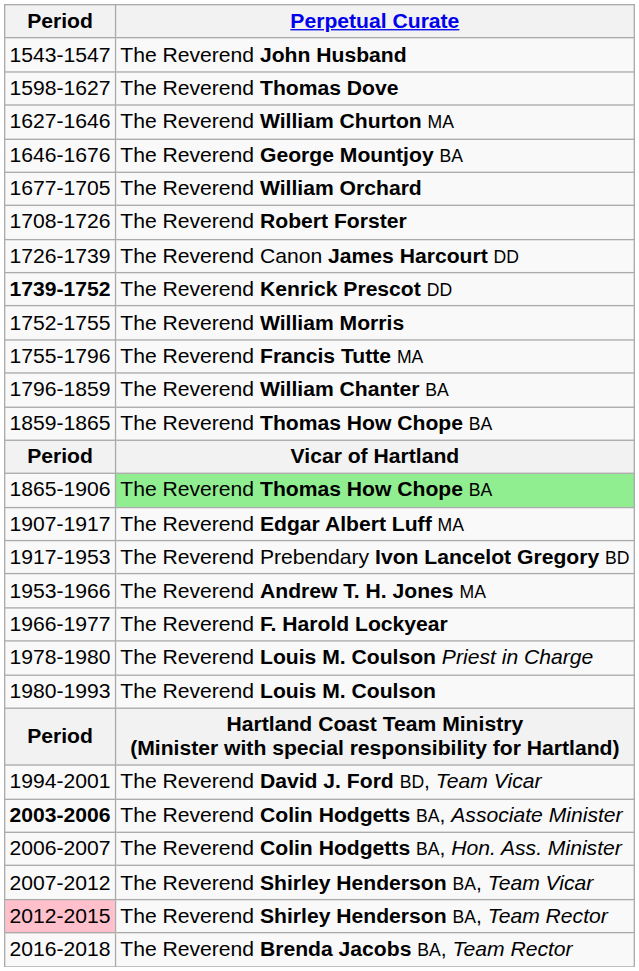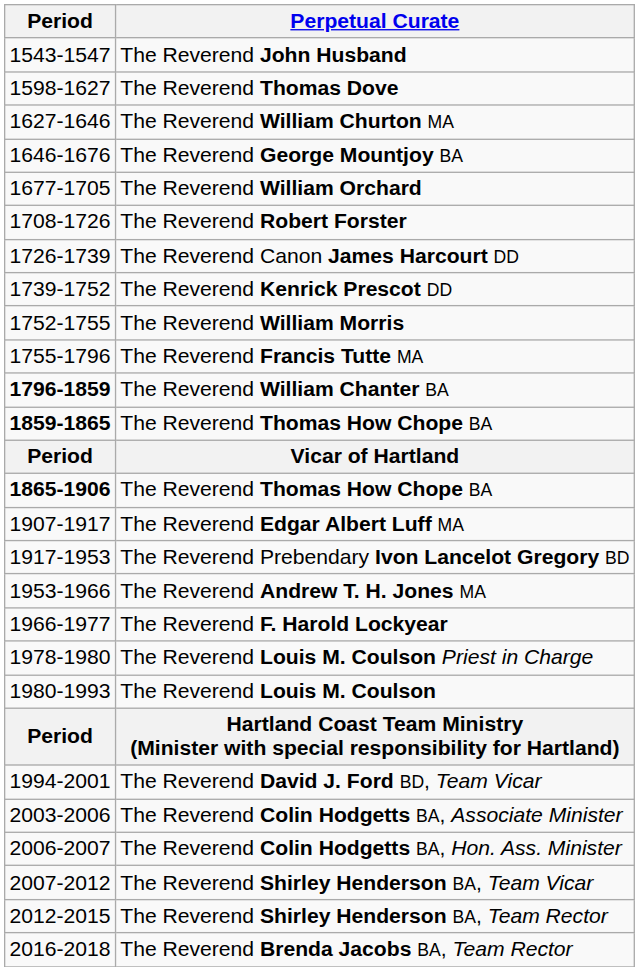 <table class="wikitable" border="1">
 <tr>
 <th>Period</th>
 <th><a href='#'>Perpetual Curate</a></th>
 </tr>
 <tr>
 <td>1543-1547</td>
 <td>The Reverend <strong>John Husband</strong></td>
 </tr>
 <tr>
 <td>1598-1627</td>
 <td>The Reverend <strong>Thomas Dove</strong></td>
 </tr>
 <tr>
 <td>1627-1646</td>
 <td>The Reverend <strong>William Churton</strong> <small>MA</small></td>
 </tr>
 <tr>
 <td>1646-1676</td>
 <td>The Reverend <strong>George Mountjoy</strong> <small>BA</small></td>
 </tr>
 <tr>
 <td>1677-1705</td>
 <td>The Reverend <strong>William Orchard</strong></td>
 </tr>
 <tr>
 <td>1708-1726</td>
 <td>The Reverend <strong>Robert Forster</strong></td>
 </tr>
 <tr>
 <td>1726-1739</td>
 <td>The Reverend Canon <strong>James Harcourt</strong> <small>DD</small></td>
 </tr>
 <tr>
-<td><strong>1739-1752</strong></td>
+<td>1739-1752</td>
 <td>The Reverend <strong>Kenrick Prescot</strong> <small>DD</small></td>
 </tr>
 <tr>
 <td>1752-1755</td>
 <td>The Reverend <strong>William Morris</strong></td>
 </tr>
 <tr>
 <td>1755-1796</td>
 <td>The Reverend <strong>Francis Tutte</strong> <small>MA</small></td>
 </tr>
 <tr>
-<td>1796-1859</td>
+<td><strong>1796-1859</strong></td>
 <td>The Reverend <strong>William Chanter</strong> <small>BA</small></td>
 </tr>
 <tr>
-<td>1859-1865</td>
+<td><strong>1859-1865</strong></td>
 <td>The Reverend <strong>Thomas How Chope</strong> <small>BA</small></td>
 </tr>
 <tr>
 <th>Period</th>
 <th>Vicar of Hartland</th>
 </tr>
 <tr>
-<td>1865-1906</td>
-<td style="background: lightgreen;">The Reverend <strong>Thomas How Chope</strong> <small>BA</small></td>
+<td><strong>1865-1906</strong></td>
+<td>The Reverend <strong>Thomas How Chope</strong> <small>BA</small></td>
 </tr>
 <tr>
 <td>1907-1917</td>
 <td>The Reverend <strong>Edgar Albert Luff</strong> <small>MA</small></td>
 </tr>
 <tr>
 <td>1917-1953</td>
 <td>The Reverend Prebendary <strong>Ivon Lancelot Gregory</strong> <small>BD</small> </td>
 </tr>
 <tr>
 <td>1953-1966</td>
 <td>The Reverend <strong>Andrew T. H. Jones</strong> <small>MA</small></td>
 </tr>
 <tr>
 <td>1966-1977</td>
 <td>The Reverend <strong>F. Harold Lockyear</strong></td>
 </tr>
 <tr>
 <td>1978-1980</td>
 <td>The Reverend <strong>Louis M. Coulson</strong> <em>Priest in Charge</em></td>
 </tr>
 <tr>
 <td>1980-1993</td>
 <td>The Reverend <strong>Louis M. Coulson</strong></td>
 </tr>
 <tr>
 <th>Period</th>
 <th>Hartland Coast Team Ministry<br>(Minister with special responsibility for Hartland)</th>
 </tr>
 <tr>
 <td>1994-2001</td>
 <td>The Reverend <strong>David J. Ford</strong> <small>BD</small>, <em>Team Vicar</em></td>
 </tr>
 <tr>
-<td><strong>2003-2006</strong></td>
+<td>2003-2006</td>
 <td>The Reverend <strong>Colin Hodgetts</strong> <small>BA</small>, <em>Associate Minister</em></td>
 </tr>
 <tr>
 <td>2006-2007</td>
 <td>The Reverend <strong>Colin Hodgetts</strong> <small>BA</small>, <em>Hon. Ass. Minister</em></td>
 </tr>
 <tr>
 <td>2007-2012</td>
 <td>The Reverend <strong>Shirley Henderson</strong> <small>BA</small>, <em>Team Vicar</em></td>
 </tr>
 <tr>
-<td style="background: pink;">2012-2015</td>
+<td>2012-2015</td>
 <td>The Reverend <strong>Shirley Henderson</strong> <small>BA</small>, <em>Team Rector</em></td>
 </tr>
 <tr>
 <td>2016-2018</td>
 <td>The Reverend <strong>Brenda Jacobs</strong> <small>BA</small>, <em>Team Rector</em></td>
 </tr>
 </table>
